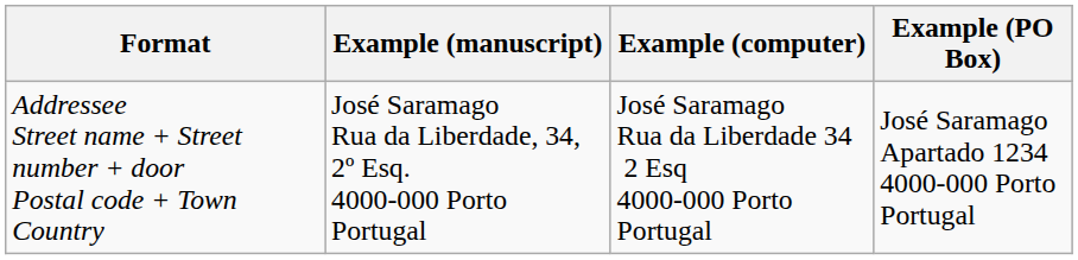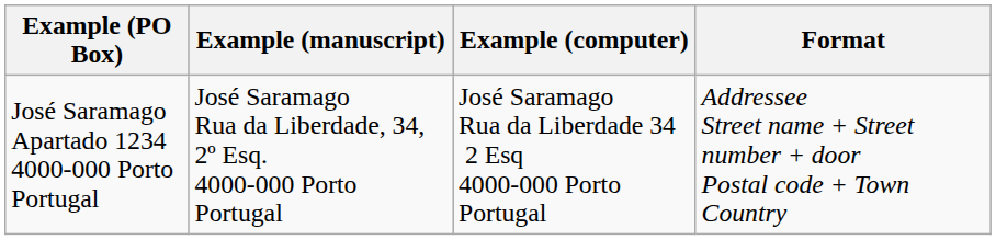 <table class="wikitable">
 <tr>
-<th>Format</th>
+<th>Example (PO Box)</th>
 <th>Example (manuscript)</th>
 <th>Example (computer)</th>
-<th>Example (PO Box)</th>
+<th>Format</th>
 </tr>
 <tr>
-<td><em>Addressee</em> <br> <em>Street name + Street number + door</em> <br> <em>Postal code + Town</em> <br> <em>Country</em></td>
+<td>José Saramago <br> Apartado 1234<br> 4000-000 Porto <br> Portugal</td>
 <td>José Saramago <br> Rua da Liberdade, 34, 2º Esq.<br> 4000-000 Porto <br> Portugal</td>
 <td>José Saramago <br> Rua da Liberdade 34  2 Esq<br> 4000-000 Porto <br> Portugal</td>
-<td>José Saramago <br> Apartado 1234<br> 4000-000 Porto <br> Portugal</td>
+<td><em>Addressee</em> <br> <em>Street name + Street number + door</em> <br> <em>Postal code + Town</em> <br> <em>Country</em></td>
 </tr>
 </table>
